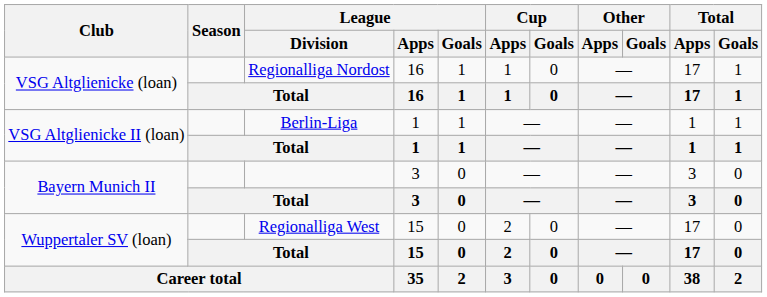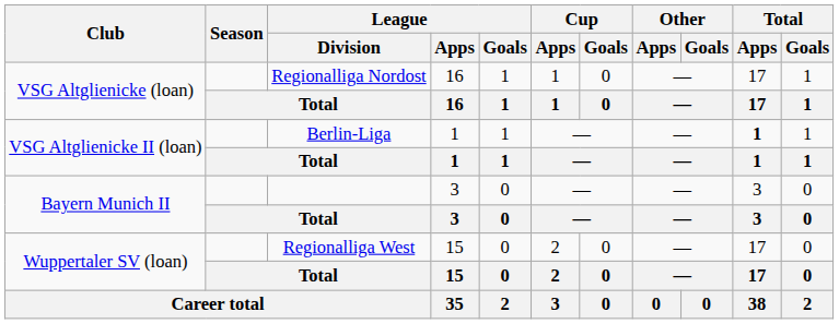 <table class="wikitable" style="text-align:center">
 <tr>
 <th rowspan="2">Club</th>
 <th rowspan="2">Season</th>
 <th colspan="3">League</th>
 <th colspan="2">Cup</th>
 <th colspan="2">Other</th>
 <th colspan="2">Total</th>
 </tr>
 <tr>
 <th>Division</th>
 <th>Apps</th>
 <th>Goals</th>
 <th>Apps</th>
 <th>Goals</th>
 <th>Apps</th>
 <th>Goals</th>
 <th>Apps</th>
 <th>Goals</th>
 </tr>
 <tr>
 <td rowspan="2"><a href='#'>VSG Altglienicke</a> (loan)</td>
 <td></td>
 <td><a href='#'>Regionalliga Nordost</a></td>
 <td>16</td>
 <td>1</td>
 <td>1</td>
 <td>0</td>
 <td colspan="2">—</td>
 <td>17</td>
 <td>1</td>
 </tr>
 <tr>
 <th colspan="2">Total</th>
 <th>16</th>
 <th>1</th>
 <th>1</th>
 <th>0</th>
 <th colspan="2">—</th>
 <th>17</th>
 <th>1</th>
 </tr>
 <tr>
 <td rowspan="2"><a href='#'>VSG Altglienicke II</a> (loan)</td>
 <td></td>
 <td><a href='#'>Berlin-Liga</a></td>
 <td>1</td>
 <td>1</td>
 <td colspan="2">—</td>
 <td colspan="2">—</td>
-<td>1</td>
+<td><strong>1</strong></td>
 <td>1</td>
 </tr>
 <tr>
 <th colspan="2">Total</th>
 <th>1</th>
 <th>1</th>
 <th colspan="2">—</th>
 <th colspan="2">—</th>
 <th>1</th>
 <th>1</th>
 </tr>
 <tr>
 <td rowspan="2"><a href='#'>Bayern Munich II</a></td>
 <td></td>
 <td></td>
 <td>3</td>
 <td>0</td>
 <td colspan="2">—</td>
 <td colspan="2">—</td>
 <td>3</td>
 <td>0</td>
 </tr>
 <tr>
 <th colspan="2">Total</th>
 <th>3</th>
 <th>0</th>
 <th colspan="2">—</th>
 <th colspan="2">—</th>
 <th>3</th>
 <th>0</th>
 </tr>
 <tr>
 <td rowspan="2"><a href='#'>Wuppertaler SV</a> (loan)</td>
 <td></td>
 <td><a href='#'>Regionalliga West</a></td>
 <td>15</td>
 <td>0</td>
 <td>2</td>
 <td>0</td>
 <td colspan="2">—</td>
 <td>17</td>
 <td>0</td>
 </tr>
 <tr>
 <th colspan="2">Total</th>
 <th>15</th>
 <th>0</th>
 <th>2</th>
 <th>0</th>
 <th colspan="2">—</th>
 <th>17</th>
 <th>0</th>
 </tr>
 <tr>
 <th colspan="3">Career total</th>
 <th>35</th>
 <th>2</th>
 <th>3</th>
 <th>0</th>
 <th>0</th>
 <th>0</th>
 <th>38</th>
 <th>2</th>
 </tr>
 </table>
